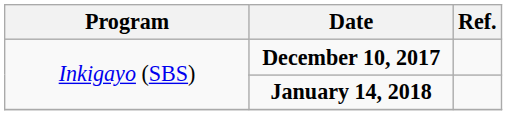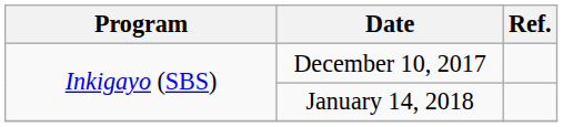 <table class="wikitable" style="text-align:center">
 <tr>
 <th width="170">Program</th>
 <th width="140">Date</th>
 <th>Ref.</th>
 </tr>
 <tr>
 <td rowspan="2"><em><a href='#'>Inkigayo</a></em> (<a href='#'>SBS</a>)</td>
-<td><strong>December 10, 2017</strong></td>
+<td>December 10, 2017</td>
 <td align="center"></td>
 </tr>
 <tr>
-<td><strong>January 14, 2018</strong></td>
+<td>January 14, 2018</td>
 <td align="center"></td>
 </tr>
 <tr>
 </tr>
 </table>
